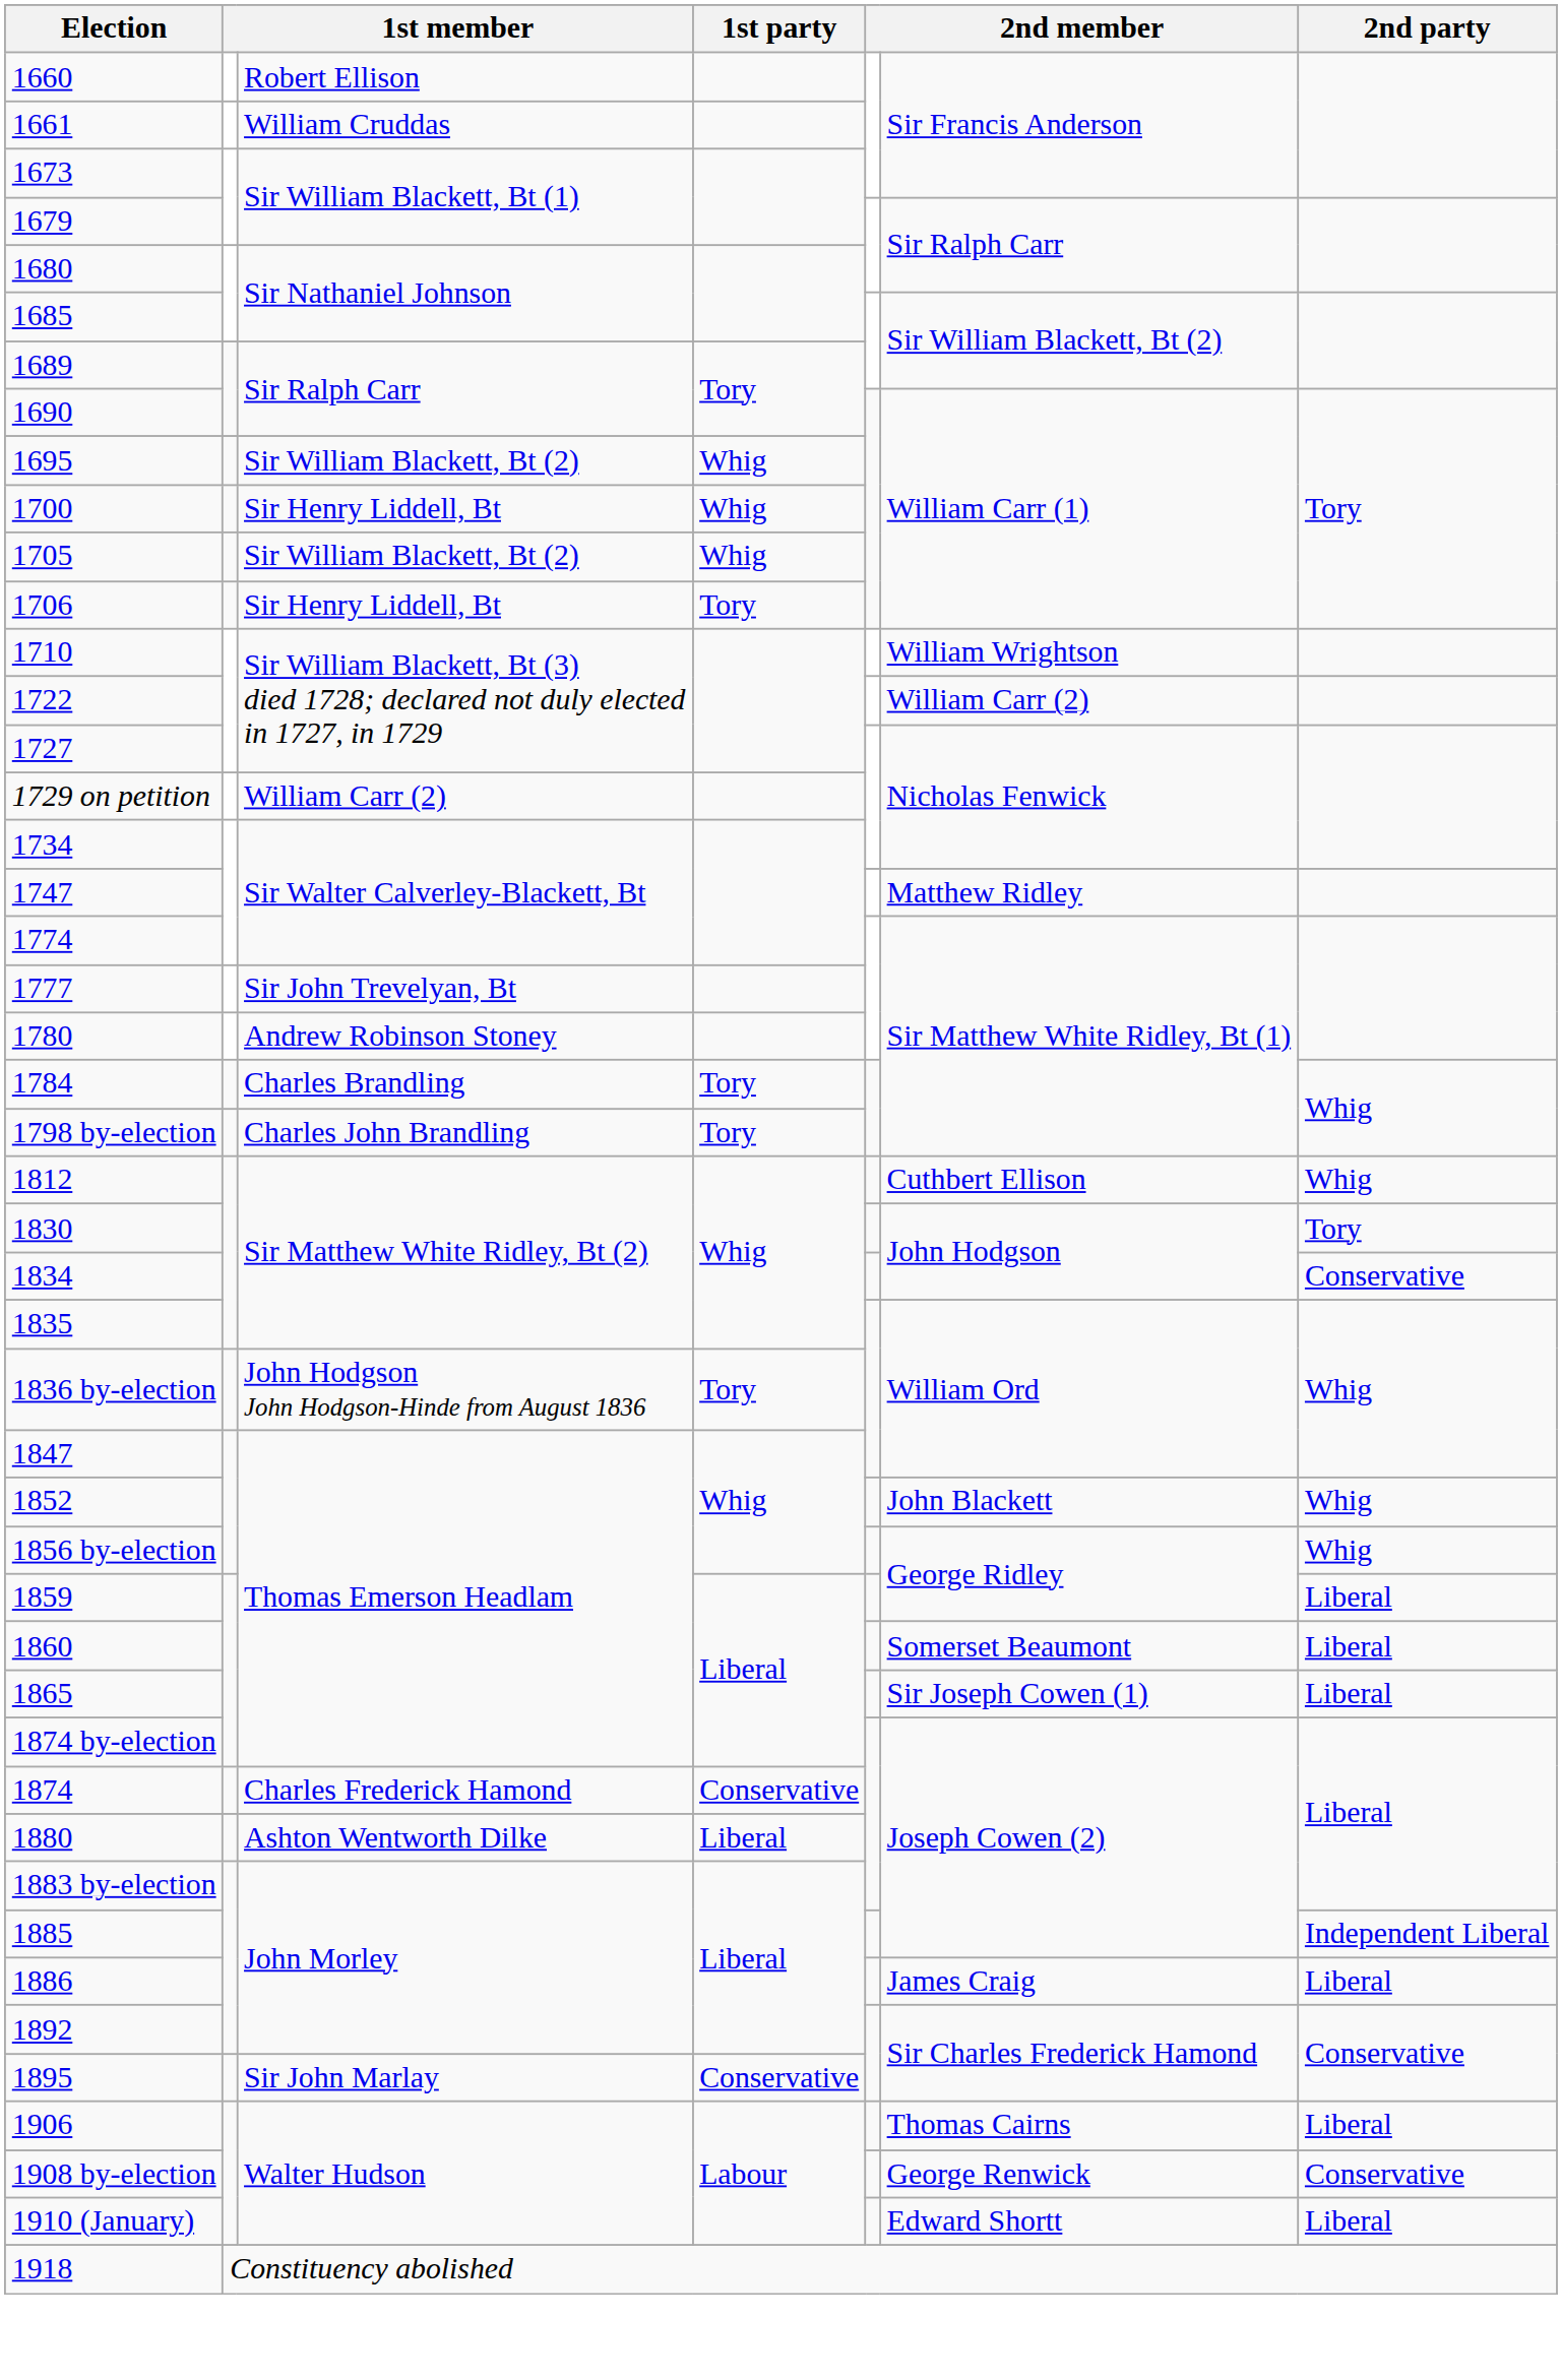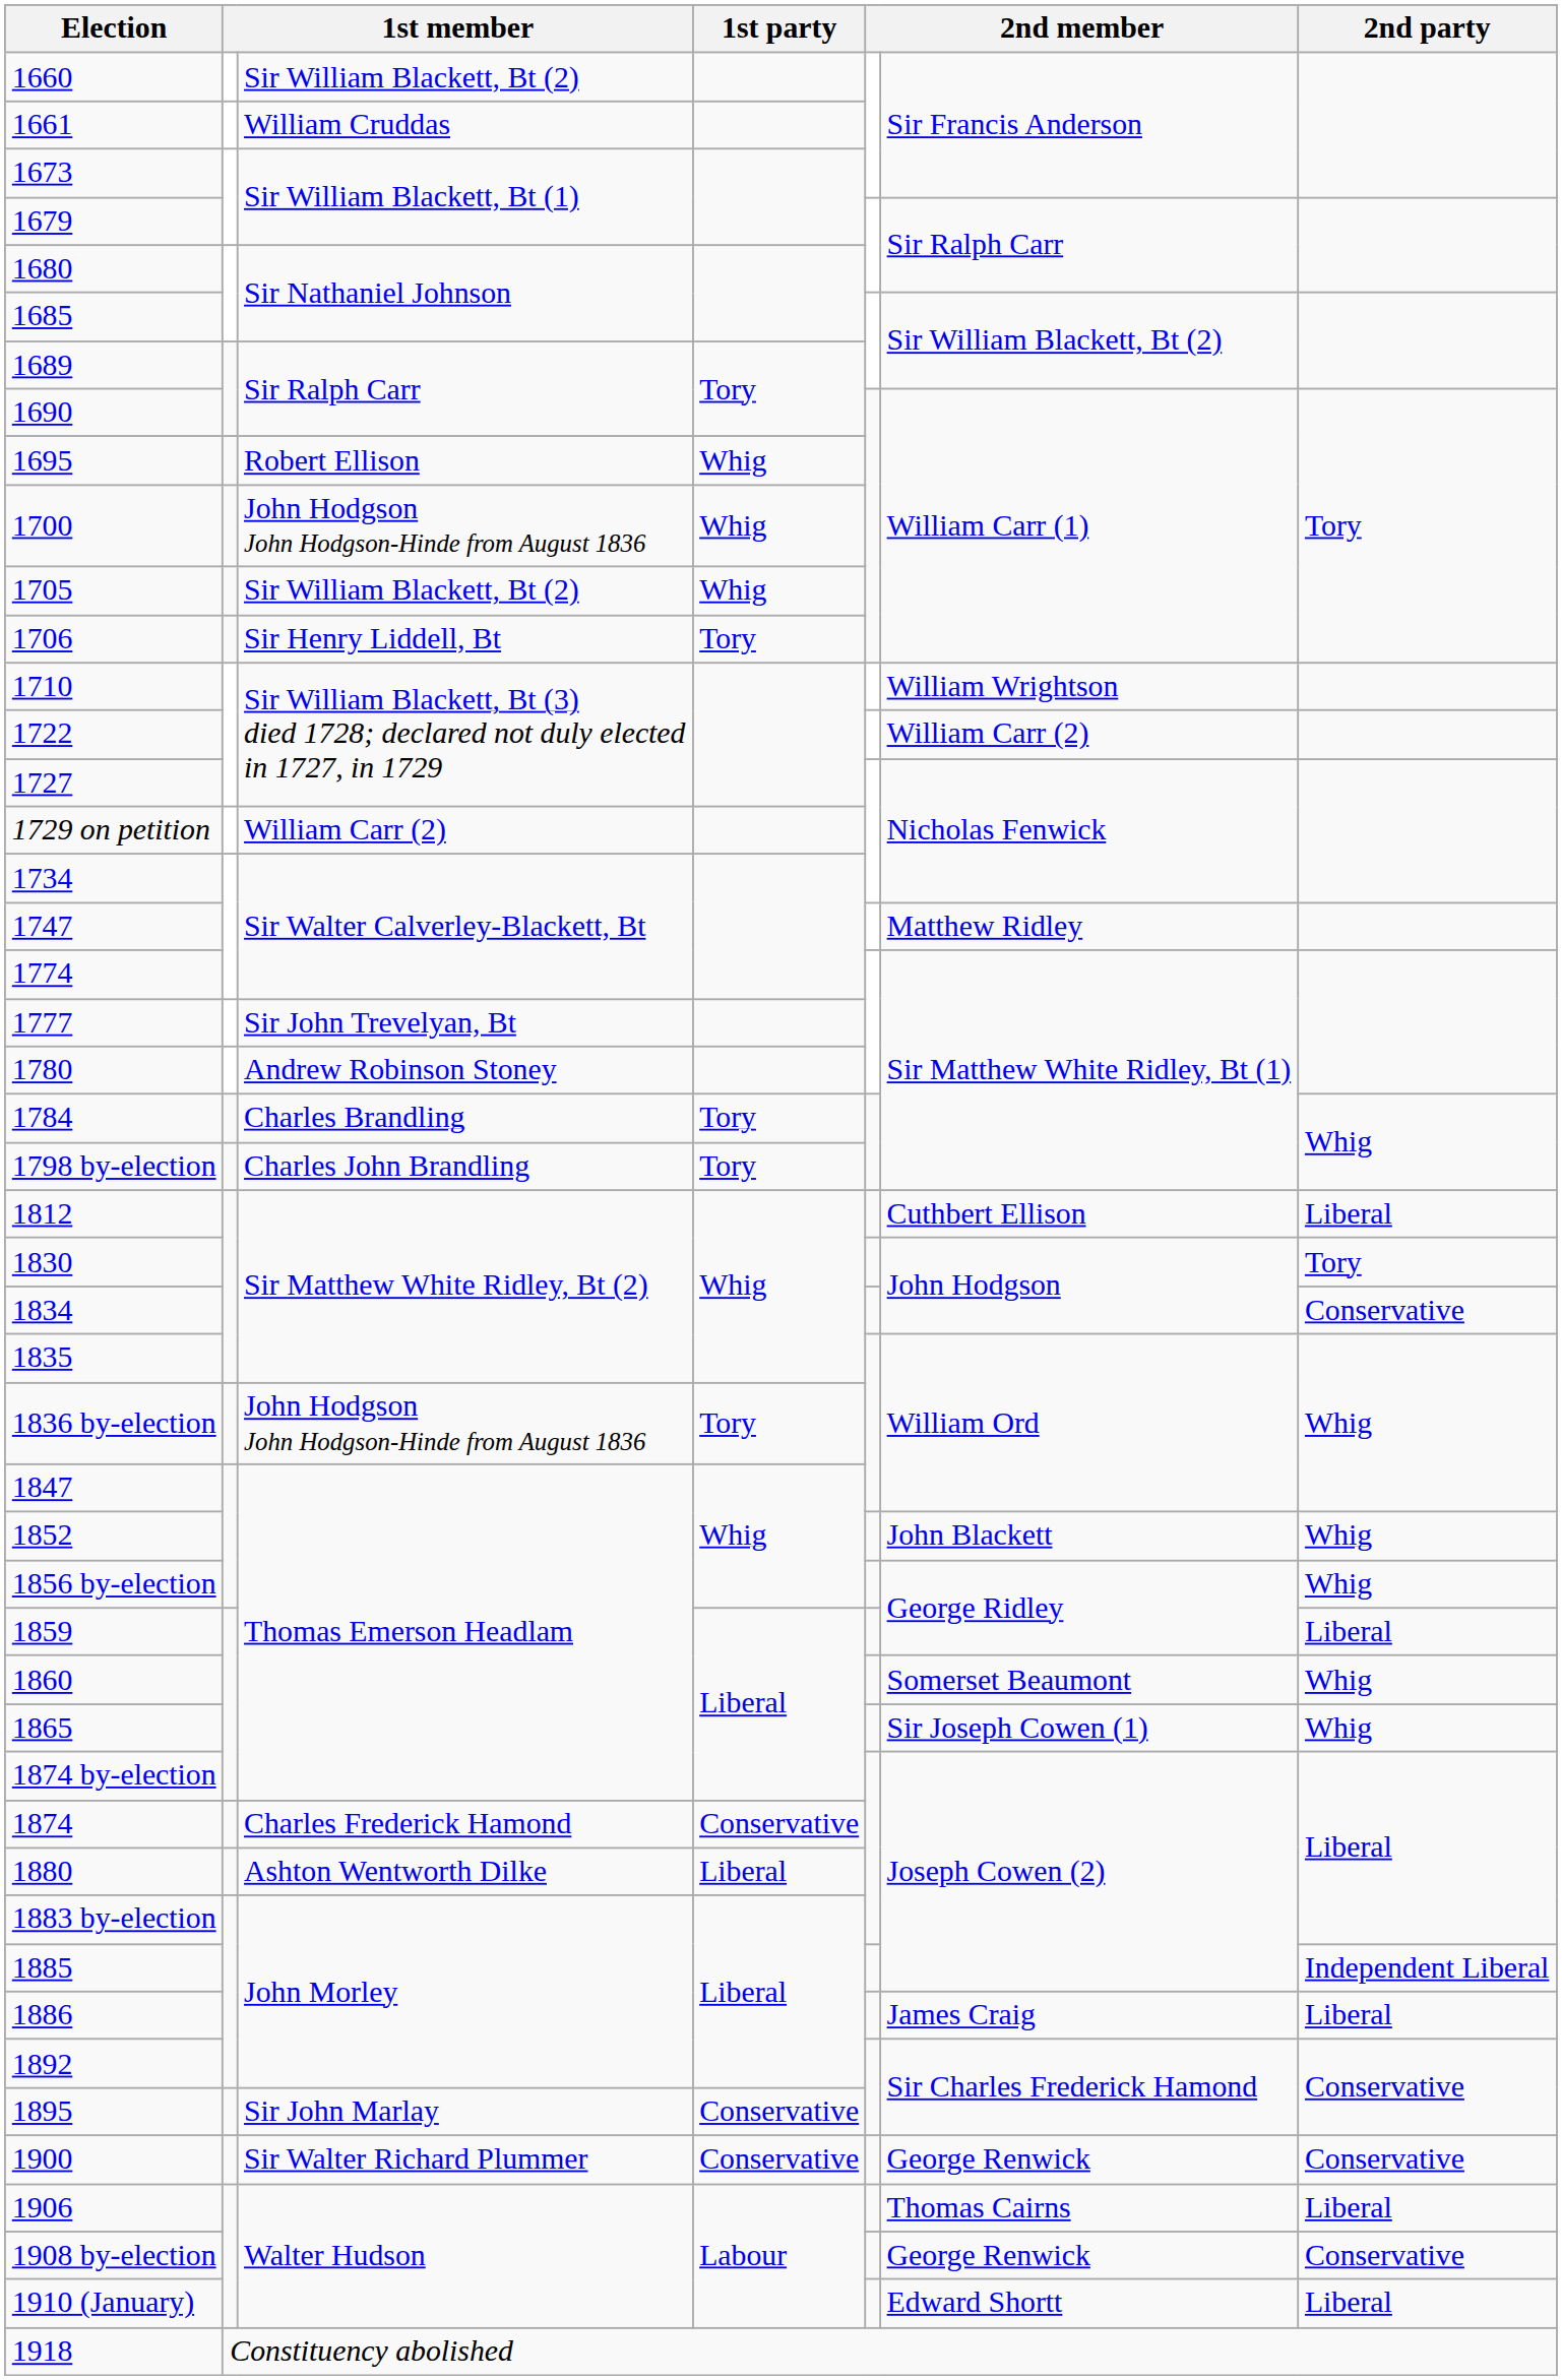 <table class="wikitable">
 <tr>
 <th>Election</th>
 <th colspan="2">1st member</th>
 <th>1st party</th>
 <th colspan="2">2nd member</th>
 <th>2nd party</th>
 </tr>
 <tr>
 <td><a href='#'>1660</a></td>
 <td style="color:inherit;background-color: white"></td>
-<td><a href='#'>Robert Ellison</a></td>
+<td><a href='#'>Sir William Blackett, Bt (2)</a></td>
 <td></td>
 <td rowspan="3" style="color:inherit;background-color: white"></td>
 <td rowspan="3"><a href='#'>Sir Francis Anderson</a></td>
 <td rowspan="3"></td>
 </tr>
 <tr>
 <td><a href='#'>1661</a></td>
 <td style="color:inherit;background-color: white"></td>
 <td><a href='#'>William Cruddas</a></td>
 <td></td>
 </tr>
 <tr>
 <td><a href='#'>1673</a></td>
 <td rowspan="2" style="color:inherit;background-color: white"></td>
 <td rowspan="2"><a href='#'>Sir William Blackett, Bt (1)</a></td>
 <td rowspan="2"></td>
 </tr>
 <tr>
 <td><a href='#'>1679</a></td>
 <td rowspan="2" style="color:inherit;background-color: white"></td>
 <td rowspan="2"><a href='#'>Sir Ralph Carr</a></td>
 <td rowspan="2"></td>
 </tr>
 <tr>
 <td><a href='#'>1680</a></td>
 <td rowspan="2" style="color:inherit;background-color: white"></td>
 <td rowspan="2"><a href='#'>Sir Nathaniel Johnson</a></td>
 <td rowspan="2"></td>
 </tr>
 <tr>
 <td><a href='#'>1685</a></td>
 <td rowspan="2" style="color:inherit;background-color: white"></td>
 <td rowspan="2"><a href='#'>Sir William Blackett, Bt (2)</a></td>
 <td rowspan="2"></td>
 </tr>
 <tr>
 <td><a href='#'>1689</a></td>
 <td rowspan="2" style="color:inherit;background-color: "></td>
 <td rowspan="2"><a href='#'>Sir Ralph Carr</a></td>
 <td rowspan="2"><a href='#'>Tory</a></td>
 </tr>
 <tr>
 <td><a href='#'>1690</a></td>
 <td rowspan="5" style="color:inherit;background-color: "></td>
 <td rowspan="5"><a href='#'>William Carr (1)</a></td>
 <td rowspan="5"><a href='#'>Tory</a></td>
 </tr>
 <tr>
 <td><a href='#'>1695</a></td>
 <td style="color:inherit;background-color: "></td>
-<td><a href='#'>Sir William Blackett, Bt (2)</a></td>
+<td><a href='#'>Robert Ellison</a></td>
 <td><a href='#'>Whig</a></td>
 </tr>
 <tr>
 <td><a href='#'>1700</a></td>
 <td style="color:inherit;background-color: "></td>
-<td><a href='#'>Sir Henry Liddell, Bt</a></td>
+<td><a href='#'>John Hodgson</a><br><small><em>John Hodgson-Hinde from August 1836</em></small></td>
 <td><a href='#'>Whig</a></td>
 </tr>
 <tr>
 <td><a href='#'>1705</a></td>
 <td style="color:inherit;background-color: "></td>
 <td><a href='#'>Sir William Blackett, Bt (2)</a></td>
 <td><a href='#'>Whig</a></td>
 </tr>
 <tr>
 <td><a href='#'>1706</a></td>
 <td style="color:inherit;background-color: "></td>
 <td><a href='#'>Sir Henry Liddell, Bt</a></td>
 <td><a href='#'>Tory</a></td>
 </tr>
 <tr>
 <td><a href='#'>1710</a></td>
 <td rowspan="3" style="color:inherit;background-color: white"></td>
 <td rowspan="3"><a href='#'>Sir William Blackett, Bt (3)</a><br><em>died 1728; declared not duly elected<br>in 1727, in 1729</em></td>
 <td rowspan="3"></td>
 <td style="color:inherit;background-color: white"></td>
 <td><a href='#'>William Wrightson</a></td>
 <td></td>
 </tr>
 <tr>
 <td><a href='#'>1722</a></td>
 <td style="color:inherit;background-color: white"></td>
 <td><a href='#'>William Carr (2)</a></td>
 <td></td>
 </tr>
 <tr>
 <td><a href='#'>1727</a></td>
 <td rowspan="3" style="color:inherit;background-color: white"></td>
 <td rowspan="3"><a href='#'>Nicholas Fenwick</a></td>
 <td rowspan="3"></td>
 </tr>
 <tr>
 <td><em>1729 on petition</em></td>
 <td style="color:inherit;background-color: white"></td>
 <td><a href='#'>William Carr (2)</a></td>
 <td></td>
 </tr>
 <tr>
 <td><a href='#'>1734</a></td>
 <td rowspan="3" style="color:inherit;background-color: white"></td>
 <td rowspan="3"><a href='#'>Sir Walter Calverley-Blackett, Bt</a></td>
 <td rowspan="3"></td>
 </tr>
 <tr>
 <td><a href='#'>1747</a></td>
 <td style="color:inherit;background-color: white"></td>
 <td><a href='#'>Matthew Ridley</a></td>
 <td></td>
 </tr>
 <tr>
 <td><a href='#'>1774</a></td>
 <td rowspan="3" style="color:inherit;background-color: white"></td>
 <td rowspan="5"><a href='#'>Sir Matthew White Ridley, Bt (1)</a></td>
 <td rowspan="3"></td>
 </tr>
 <tr>
 <td><a href='#'>1777</a></td>
 <td style="color:inherit;background-color: white"></td>
 <td><a href='#'>Sir John Trevelyan, Bt</a></td>
 <td></td>
 </tr>
 <tr>
 <td><a href='#'>1780</a></td>
 <td style="color:inherit;background-color: white"></td>
 <td><a href='#'>Andrew Robinson Stoney</a></td>
 <td></td>
 </tr>
 <tr>
 <td><a href='#'>1784</a></td>
 <td style="color:inherit;background-color: "></td>
 <td><a href='#'>Charles Brandling</a></td>
 <td><a href='#'>Tory</a></td>
 <td rowspan="2" style="color:inherit;background-color: "></td>
 <td rowspan="2"><a href='#'>Whig</a></td>
 </tr>
 <tr>
 <td><a href='#'>1798 by-election</a></td>
 <td style="color:inherit;background-color: "></td>
 <td><a href='#'>Charles John Brandling</a></td>
 <td><a href='#'>Tory</a></td>
 </tr>
 <tr>
 <td><a href='#'>1812</a></td>
 <td rowspan="4" style="color:inherit;background-color: "></td>
 <td rowspan="4"><a href='#'>Sir Matthew White Ridley, Bt (2)</a></td>
 <td rowspan="4"><a href='#'>Whig</a></td>
 <td style="color:inherit;background-color: "></td>
 <td><a href='#'>Cuthbert Ellison</a></td>
-<td><a href='#'>Whig</a></td>
+<td><a href='#'>Liberal</a></td>
 </tr>
 <tr>
 <td><a href='#'>1830</a></td>
 <td style="color:inherit;background-color: "></td>
 <td rowspan="2"><a href='#'>John Hodgson</a></td>
 <td><a href='#'>Tory</a></td>
 </tr>
 <tr>
 <td><a href='#'>1834</a></td>
 <td style="color:inherit;background-color: "></td>
 <td><a href='#'>Conservative</a></td>
 </tr>
 <tr>
 <td><a href='#'>1835</a></td>
 <td rowspan="3" style="color:inherit;background-color: "></td>
 <td rowspan="3"><a href='#'>William Ord</a></td>
 <td rowspan="3"><a href='#'>Whig</a></td>
 </tr>
 <tr>
 <td><a href='#'>1836 by-election</a></td>
 <td style="color:inherit;background-color: "></td>
 <td><a href='#'>John Hodgson</a><br><small><em>John Hodgson-Hinde from August 1836</em></small></td>
 <td><a href='#'>Tory</a></td>
 </tr>
 <tr>
 <td><a href='#'>1847</a></td>
 <td rowspan="3" style="color:inherit;background-color: "></td>
 <td rowspan="7"><a href='#'>Thomas Emerson Headlam</a></td>
 <td rowspan="3"><a href='#'>Whig</a></td>
 </tr>
 <tr>
 <td><a href='#'>1852</a></td>
 <td style="color:inherit;background-color: "></td>
 <td><a href='#'>John Blackett</a></td>
 <td><a href='#'>Whig</a></td>
 </tr>
 <tr>
 <td><a href='#'>1856 by-election</a></td>
 <td style="color:inherit;background-color: "></td>
 <td rowspan="2"><a href='#'>George Ridley</a></td>
 <td><a href='#'>Whig</a></td>
 </tr>
 <tr>
 <td><a href='#'>1859</a></td>
 <td rowspan="4" style="color:inherit;background-color: "></td>
 <td rowspan="4"><a href='#'>Liberal</a></td>
 <td style="color:inherit;background-color: "></td>
 <td><a href='#'>Liberal</a></td>
 </tr>
 <tr>
 <td><a href='#'>1860</a></td>
 <td style="color:inherit;background-color: "></td>
 <td><a href='#'>Somerset Beaumont</a></td>
-<td><a href='#'>Liberal</a></td>
+<td><a href='#'>Whig</a></td>
 </tr>
 <tr>
 <td><a href='#'>1865</a></td>
 <td style="color:inherit;background-color: "></td>
 <td><a href='#'>Sir Joseph Cowen (1)</a></td>
-<td><a href='#'>Liberal</a></td>
+<td><a href='#'>Whig</a></td>
 </tr>
 <tr>
 <td><a href='#'>1874 by-election</a></td>
 <td rowspan="4" style="color:inherit;background-color: "></td>
 <td rowspan="5"><a href='#'>Joseph Cowen (2)</a></td>
 <td rowspan="4"><a href='#'>Liberal</a></td>
 </tr>
 <tr>
 <td><a href='#'>1874</a></td>
 <td style="color:inherit;background-color: "></td>
 <td><a href='#'>Charles Frederick Hamond</a></td>
 <td><a href='#'>Conservative</a></td>
 </tr>
 <tr>
 <td><a href='#'>1880</a></td>
 <td style="color:inherit;background-color: "></td>
 <td><a href='#'>Ashton Wentworth Dilke</a></td>
 <td><a href='#'>Liberal</a></td>
 </tr>
 <tr>
 <td><a href='#'>1883 by-election</a></td>
 <td rowspan="4" style="color:inherit;background-color: "></td>
 <td rowspan="4"><a href='#'>John Morley</a></td>
 <td rowspan="4"><a href='#'>Liberal</a></td>
 </tr>
 <tr>
 <td><a href='#'>1885</a></td>
 <td style="color:inherit;background-color: "></td>
 <td><a href='#'>Independent Liberal</a></td>
 </tr>
 <tr>
 <td><a href='#'>1886</a></td>
 <td style="color:inherit;background-color: "></td>
 <td><a href='#'>James Craig</a></td>
 <td><a href='#'>Liberal</a></td>
 </tr>
 <tr>
 <td><a href='#'>1892</a></td>
 <td rowspan="2" style="color:inherit;background-color: "></td>
 <td rowspan="2"><a href='#'>Sir Charles Frederick Hamond</a></td>
 <td rowspan="2"><a href='#'>Conservative</a></td>
 </tr>
 <tr>
 <td><a href='#'>1895</a></td>
 <td style="color:inherit;background-color: "></td>
 <td><a href='#'>Sir John Marlay</a></td>
 <td><a href='#'>Conservative</a></td>
 </tr>
 <tr>
+<td><a href='#'>1900</a></td>
+<td style="color:inherit;background-color: "></td>
+<td><a href='#'>Sir Walter Richard Plummer</a></td>
+<td><a href='#'>Conservative</a></td>
+<td style="color:inherit;background-color: "></td>
+<td><a href='#'>George Renwick</a></td>
+<td><a href='#'>Conservative</a></td>
+</tr>
+<tr>
 <td><a href='#'>1906</a></td>
 <td rowspan="3" style="color:inherit;background-color: "></td>
 <td rowspan="3"><a href='#'>Walter Hudson</a></td>
 <td rowspan="3"><a href='#'>Labour</a></td>
 <td style="color:inherit;background-color: "></td>
 <td><a href='#'>Thomas Cairns</a></td>
 <td><a href='#'>Liberal</a></td>
 </tr>
 <tr>
 <td><a href='#'>1908 by-election</a></td>
 <td style="color:inherit;background-color: "></td>
 <td><a href='#'>George Renwick</a></td>
 <td><a href='#'>Conservative</a></td>
 </tr>
 <tr>
 <td><a href='#'>1910 (January)</a></td>
 <td style="color:inherit;background-color: "></td>
 <td><a href='#'>Edward Shortt</a></td>
 <td><a href='#'>Liberal</a></td>
 </tr>
 <tr>
 <td><a href='#'>1918</a></td>
 <td colspan="6"><em>Constituency abolished</em></td>
 </tr>
 </table>
